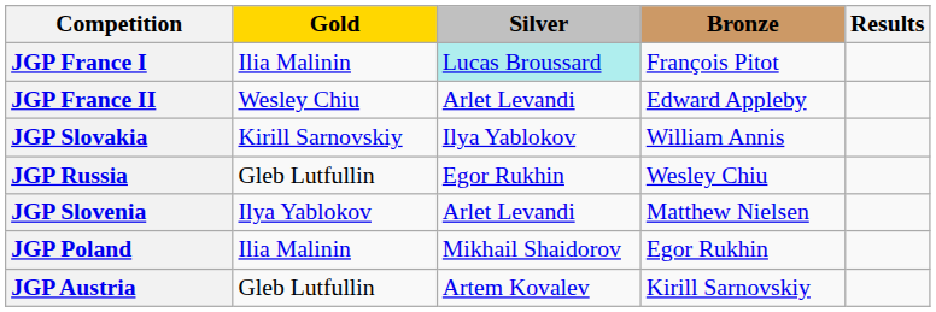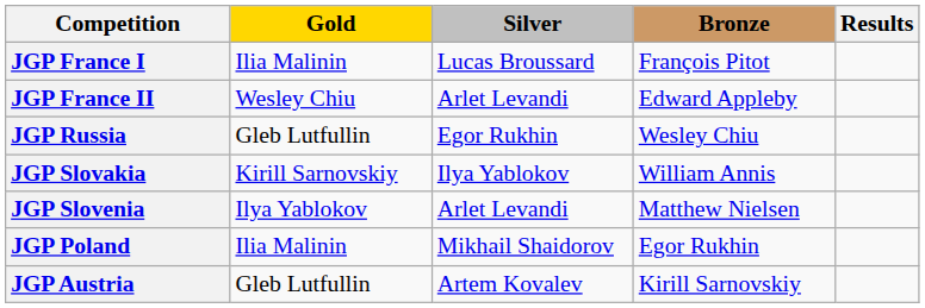 <table class="wikitable unsortable" style="text-align:left; width:100%">
 <tr>
 <th scope="col" style="text-align:center; width:25%;">Competition</th>
 <td scope="col" style="text-align:center; width:22.5%; background:gold"><strong>Gold</strong></td>
 <td scope="col" style="text-align:center; width:22.5%; background:silver"><strong>Silver</strong></td>
 <td scope="col" style="text-align:center; width:22.5%; background:#c96"><strong>Bronze</strong></td>
 <th scope="col" style="text-align:center; width:7.5%;">Results</th>
 </tr>
 <tr>
 <th scope="row" style="text-align:left"> <a href='#'>JGP France I</a></th>
 <td> <a href='#'>Ilia Malinin</a></td>
-<td style="background: paleturquoise;"> <a href='#'>Lucas Broussard</a></td>
+<td> <a href='#'>Lucas Broussard</a></td>
 <td> <a href='#'>François Pitot</a></td>
 <td></td>
 </tr>
 <tr>
 <th scope="row" style="text-align:left"> <a href='#'>JGP France II</a></th>
 <td> <a href='#'>Wesley Chiu</a></td>
 <td> <a href='#'>Arlet Levandi</a></td>
 <td> <a href='#'>Edward Appleby</a></td>
 <td></td>
 </tr>
 <tr>
+<th scope="row" style="text-align:left"> <a href='#'>JGP Russia</a></th>
+<td> Gleb Lutfullin</td>
+<td> <a href='#'>Egor Rukhin</a></td>
+<td> <a href='#'>Wesley Chiu</a></td>
+<td></td>
+</tr>
+<tr>
 <th scope="row" style="text-align:left"> <a href='#'>JGP Slovakia</a></th>
 <td> <a href='#'>Kirill Sarnovskiy</a></td>
 <td> <a href='#'>Ilya Yablokov</a></td>
 <td> <a href='#'>William Annis</a></td>
-<td></td>
-</tr>
-<tr>
-<th scope="row" style="text-align:left"> <a href='#'>JGP Russia</a></th>
-<td> Gleb Lutfullin</td>
-<td> <a href='#'>Egor Rukhin</a></td>
-<td> <a href='#'>Wesley Chiu</a></td>
 <td></td>
 </tr>
 <tr>
 <th scope="row" style="text-align:left"> <a href='#'>JGP Slovenia</a></th>
 <td> <a href='#'>Ilya Yablokov</a></td>
 <td> <a href='#'>Arlet Levandi</a></td>
 <td> <a href='#'>Matthew Nielsen</a></td>
 <td></td>
 </tr>
 <tr>
 <th scope="row" style="text-align:left"> <a href='#'>JGP Poland</a></th>
 <td> <a href='#'>Ilia Malinin</a></td>
 <td> <a href='#'>Mikhail Shaidorov</a></td>
 <td> <a href='#'>Egor Rukhin</a></td>
 <td></td>
 </tr>
 <tr>
 <th scope="row" style="text-align:left"> <a href='#'>JGP Austria</a></th>
 <td> Gleb Lutfullin</td>
 <td> <a href='#'>Artem Kovalev</a></td>
 <td> <a href='#'>Kirill Sarnovskiy</a></td>
 <td></td>
 </tr>
 </table>
